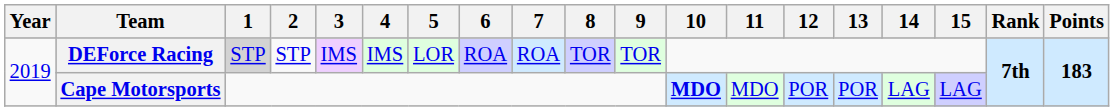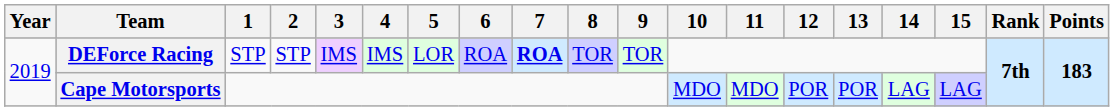 <table class="wikitable" style="text-align:center; font-size:85%;">
 <tr>
 <th>Year</th>
 <th>Team</th>
 <th>1</th>
 <th>2</th>
 <th>3</th>
 <th>4</th>
 <th>5</th>
 <th>6</th>
 <th>7</th>
 <th>8</th>
 <th>9</th>
 <th>10</th>
 <th>11</th>
 <th>12</th>
 <th>13</th>
 <th>14</th>
 <th>15</th>
 <th>Rank</th>
 <th>Points</th>
 </tr>
 <tr>
 <td rowspan="2"><a href='#'>2019</a></td>
 <th nowrap><a href='#'>DEForce Racing</a></th>
-<td style="background: lightgrey;"><a href='#'>STP</a></td>
+<td><a href='#'>STP</a></td>
 <td><a href='#'>STP</a></td>
 <td style="background:#EFCFFF;"><a href='#'>IMS</a><br></td>
 <td style="background:#DFFFDF;"><a href='#'>IMS</a><br></td>
 <td style="background:#DFFFDF;"><a href='#'>LOR</a><br></td>
 <td style="background:#CFCFFF;"><a href='#'>ROA</a><br></td>
-<td style="background:#CFEAFF;"><a href='#'>ROA</a><br></td>
+<td style="background:#CFEAFF;"><strong><a href='#'>ROA</a><br></strong></td>
 <td style="background:#CFCFFF;"><a href='#'>TOR</a><br></td>
 <td style="background:#DFFFDF;"><a href='#'>TOR</a><br></td>
 <td colspan="6"></td>
 <th rowspan="2" style="background:#CFEAFF;">7th</th>
 <th rowspan="2" style="background:#CFEAFF;">183</th>
 </tr>
 <tr>
 <th><a href='#'>Cape Motorsports</a></th>
 <td colspan="9"></td>
-<td style="background:#CFEAFF;"><strong><a href='#'>MDO</a><br></strong></td>
+<td style="background:#CFEAFF;"><a href='#'>MDO</a><br></td>
 <td style="background:#DFFFDF;"><a href='#'>MDO</a><br></td>
 <td style="background:#CFEAFF;"><a href='#'>POR</a><br></td>
 <td style="background:#CFEAFF;"><a href='#'>POR</a><br></td>
 <td style="background:#DFFFDF;"><a href='#'>LAG</a><br></td>
 <td style="background:#CFCFFF;"><a href='#'>LAG</a><br></td>
 </tr>
 </table>
